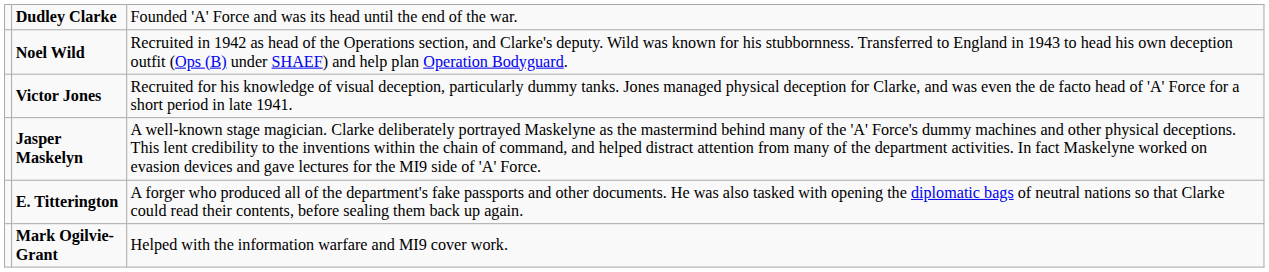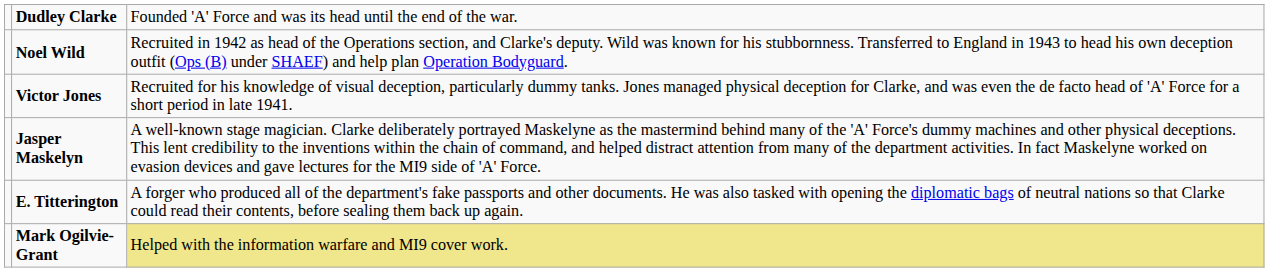 <table class="wikitable">
 <tr>
 <td></td>
 <td><strong>Dudley Clarke</strong></td>
 <td>Founded 'A' Force and was its head until the end of the war.</td>
 </tr>
 <tr>
 <td></td>
 <td><strong>Noel Wild</strong></td>
 <td>Recruited in 1942 as head of the Operations section, and Clarke's deputy. Wild was known for his stubbornness. Transferred to England in 1943 to head his own deception outfit (<a href='#'>Ops (B)</a> under <a href='#'>SHAEF</a>) and help plan <a href='#'>Operation Bodyguard</a>.</td>
 </tr>
 <tr>
 <td></td>
 <td><strong>Victor Jones</strong></td>
 <td>Recruited for his knowledge of visual deception, particularly dummy tanks. Jones managed physical deception for Clarke, and was even the de facto head of 'A' Force for a short period in late 1941.</td>
 </tr>
 <tr>
 <td></td>
 <td><strong>Jasper Maskelyn</strong></td>
 <td>A  well-known stage magician. Clarke deliberately portrayed Maskelyne as the mastermind behind many of the 'A' Force's dummy machines and other physical deceptions. This lent credibility to the inventions within the chain of command, and helped distract attention from many of the department activities. In fact Maskelyne worked on evasion devices and gave lectures for the MI9 side of 'A' Force.</td>
 </tr>
 <tr>
 <td></td>
 <td><strong>E. Titterington</strong></td>
 <td>A forger who produced all of the department's fake passports and other documents. He was also tasked with opening the <a href='#'>diplomatic bags</a> of neutral nations so that Clarke could read their contents, before sealing them back up again.</td>
 </tr>
 <tr>
 <td></td>
 <td><strong>Mark Ogilvie-Grant</strong></td>
-<td>Helped with the information warfare and MI9 cover work.</td>
+<td style="background: khaki;">Helped with the information warfare and MI9 cover work.</td>
 </tr>
 </table>
